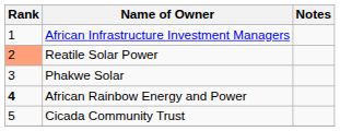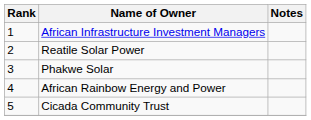 <table class="wikitable sortable" style="margin: 0.5em auto">
 <tr>
 <th>Rank</th>
 <th>Name of Owner</th>
 <th>Notes</th>
 </tr>
 <tr>
 <td>1</td>
 <td><a href='#'>African Infrastructure Investment Managers</a></td>
 <td></td>
 </tr>
 <tr>
-<td style="background: lightsalmon;">2</td>
+<td>2</td>
 <td>Reatile Solar Power</td>
 <td></td>
 </tr>
 <tr>
 <td>3</td>
 <td>Phakwe Solar</td>
 <td></td>
 </tr>
 <tr>
-<td><strong>4</strong></td>
+<td>4</td>
 <td>African Rainbow Energy and Power</td>
 <td></td>
 </tr>
 <tr>
 <td>5</td>
 <td>Cicada Community Trust</td>
 <td></td>
 </tr>
 <tr>
 </tr>
 </table>
